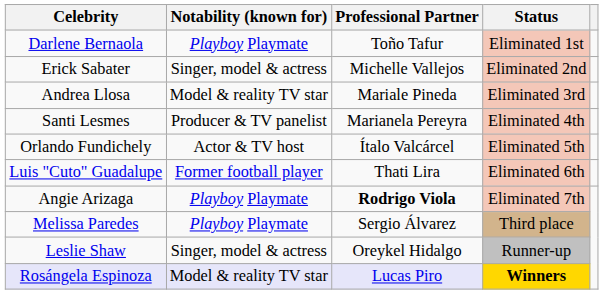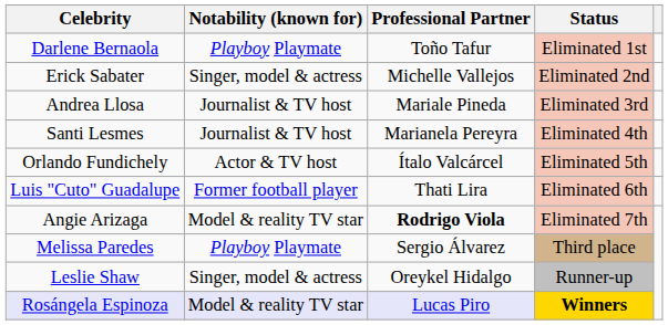 <table class= "wikitable sortable" style="text-align: center; margin:auto; align: center">
 <tr>
 <th>Celebrity</th>
 <th>Notability (known for)</th>
 <th>Professional Partner</th>
 <th>Status</th>
 <th class="unsortable"></th>
 </tr>
 <tr>
 <td><a href='#'>Darlene Bernaola</a></td>
 <td><em><a href='#'>Playboy</a></em> <a href='#'>Playmate</a></td>
 <td>Toño Tafur</td>
 <td style="background:#f4c7b8;">Eliminated 1st<br></td>
 <td></td>
 </tr>
 <tr>
 <td>Erick Sabater</td>
 <td>Singer, model & actress</td>
 <td>Michelle Vallejos</td>
 <td style="background:#f4c7b8;">Eliminated 2nd<br></td>
 <td></td>
 </tr>
 <tr>
 <td>Andrea Llosa</td>
-<td>Model & reality TV star</td>
+<td>Journalist & TV host</td>
 <td>Mariale Pineda<br></td>
 <td style="background:#f4c7b8;">Eliminated 3rd<br></td>
 <td></td>
 </tr>
 <tr>
 <td>Santi Lesmes</td>
-<td>Producer & TV panelist</td>
+<td>Journalist & TV host</td>
 <td>Marianela Pereyra</td>
 <td style="background:#f4c7b8;">Eliminated 4th<br></td>
 <td></td>
 </tr>
 <tr>
 <td>Orlando Fundichely</td>
 <td>Actor & TV host</td>
 <td>Ítalo Valcárcel<br></td>
 <td style="background:#f4c7b8;">Eliminated 5th<br></td>
 <td></td>
 </tr>
 <tr>
 <td><a href='#'>Luis "Cuto" Guadalupe</a></td>
 <td><a href='#'>Former football player</a></td>
 <td>Thati Lira<br></td>
 <td style="background:#f4c7b8;">Eliminated 6th<br></td>
 <td></td>
 </tr>
 <tr>
 <td>Angie Arizaga</td>
-<td><em><a href='#'>Playboy</a></em> <a href='#'>Playmate</a></td>
+<td>Model & reality TV star</td>
 <td><strong>Rodrigo Viola</strong></td>
 <td style="background:#f4c7b8;">Eliminated 7th<br></td>
 <td rowspan=4></td>
 </tr>
 <tr>
 <td><a href='#'>Melissa Paredes</a></td>
 <td><em><a href='#'>Playboy</a></em> <a href='#'>Playmate</a></td>
 <td>Sergio Álvarez<br></td>
 <td style="background:Tan">Third place<br></td>
 </tr>
 <tr>
 <td><a href='#'>Leslie Shaw</a></td>
 <td>Singer, model & actress</td>
 <td>Oreykel Hidalgo<br></td>
 <td style="background:Silver">Runner-up<br></td>
 </tr>
 <tr>
 <td style="background:lavender;"><a href='#'>Rosángela Espinoza</a></td>
 <td style="background:lavender;">Model & reality TV star</td>
 <td style="background:lavender;"><a href='#'>Lucas Piro</a><br></td>
 <td style="background:gold"><strong>Winners</strong><br></td>
 </tr>
 </table>
